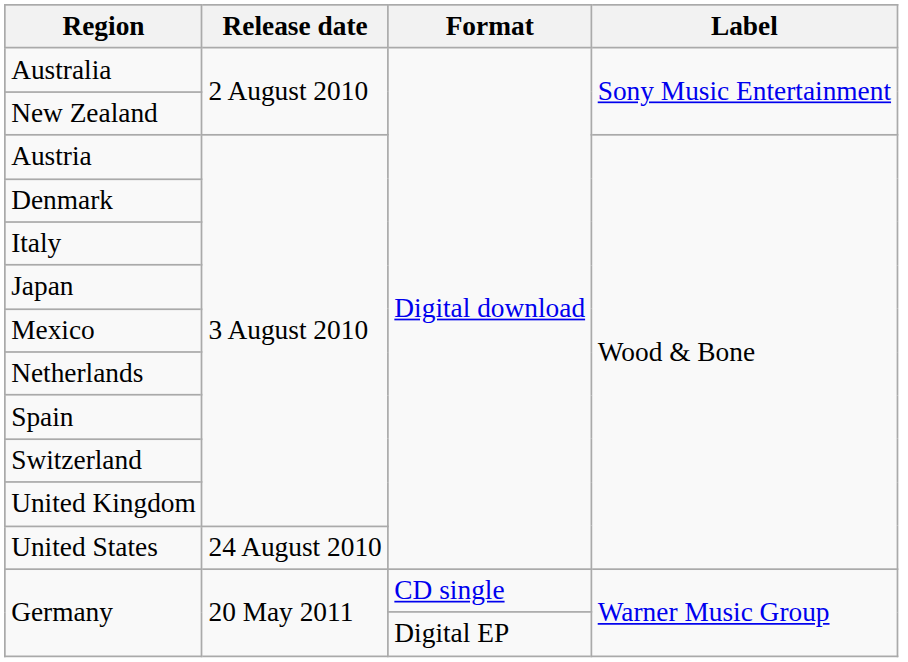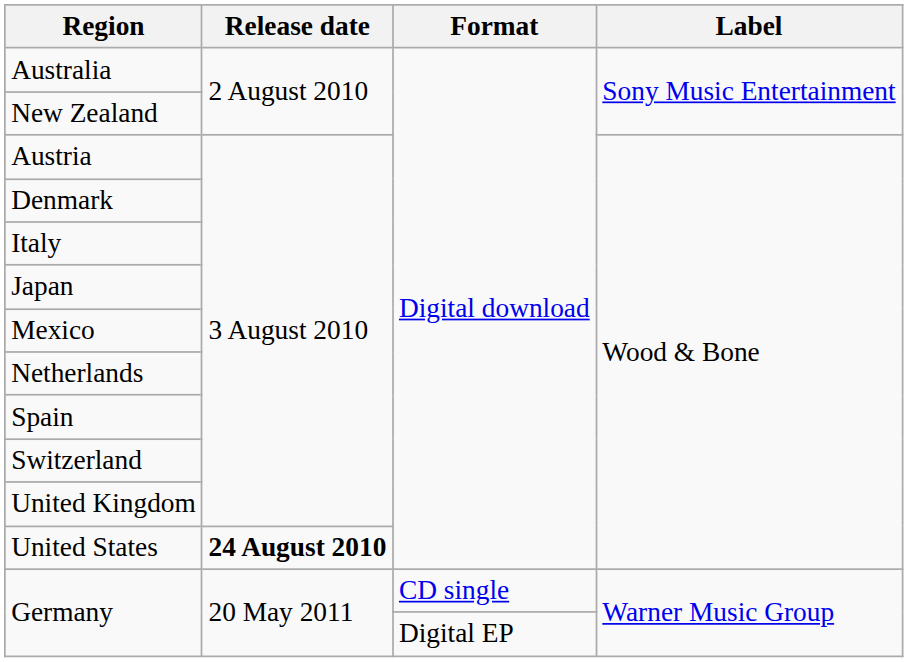 <table class="wikitable">
 <tr>
 <th>Region</th>
 <th>Release date</th>
 <th>Format</th>
 <th>Label</th>
 </tr>
 <tr>
 <td>Australia</td>
 <td rowspan="2">2 August 2010</td>
 <td rowspan="12"><a href='#'>Digital download</a></td>
 <td rowspan="2"><a href='#'>Sony Music Entertainment</a></td>
 </tr>
 <tr>
 <td>New Zealand</td>
 </tr>
 <tr>
 <td>Austria</td>
 <td rowspan="9">3 August 2010</td>
 <td rowspan="10">Wood & Bone</td>
 </tr>
 <tr>
 <td>Denmark</td>
 </tr>
 <tr>
 <td>Italy</td>
 </tr>
 <tr>
 <td>Japan</td>
 </tr>
 <tr>
 <td>Mexico</td>
 </tr>
 <tr>
 <td>Netherlands</td>
 </tr>
 <tr>
 <td>Spain</td>
 </tr>
 <tr>
 <td>Switzerland</td>
 </tr>
 <tr>
 <td>United Kingdom</td>
 </tr>
 <tr>
 <td>United States</td>
-<td>24 August 2010</td>
+<td><strong>24 August 2010</strong></td>
 </tr>
 <tr>
 <td rowspan="2">Germany</td>
 <td rowspan="2">20 May 2011</td>
 <td><a href='#'>CD single</a></td>
 <td rowspan="2"><a href='#'>Warner Music Group</a></td>
 </tr>
 <tr>
 <td>Digital EP</td>
 </tr>
 </table>
